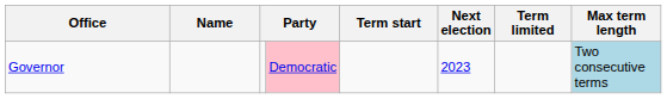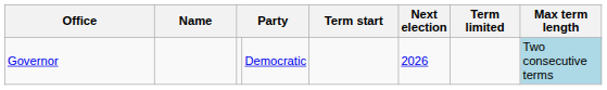 <table class="sortable wikitable">
 <tr>
 <th scope="col" width=190>Office</th>
 <th scope="col" width=100>Name</th>
 <th scope="col" width=75 colspan=2>Party</th>
 <th scope="col" width=110>Term start</th>
 <th scope="col" width=50>Next election</th>
 <th scope="col" width=85>Term limited</th>
 <th scope="col" width=100>Max term length</th>
 </tr>
 <tr>
 <td><a href='#'>Governor</a></td>
 <td></td>
 <td style="background-color:"></td>
-<td style="background: pink;"><a href='#'>Democratic</a></td>
+<td><a href='#'>Democratic</a></td>
 <td></td>
-<td><a href='#'>2023</a></td>
+<td><a href='#'>2026</a></td>
 <td></td>
 <td style="background: lightblue;">Two consecutive terms</td>
 </tr>
 </table>
